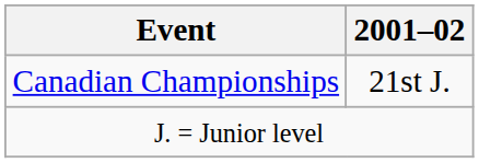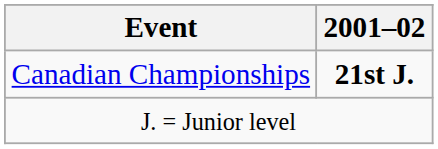 <table class="wikitable" style="text-align:center">
 <tr>
 <th>Event</th>
 <th>2001–02</th>
 </tr>
 <tr>
 <td align=left><a href='#'>Canadian Championships</a></td>
-<td>21st J.</td>
+<td><strong>21st J.</strong></td>
 </tr>
 <tr>
 <td colspan=2 align=center><small> J. = Junior level </small></td>
 </tr>
 </table>
